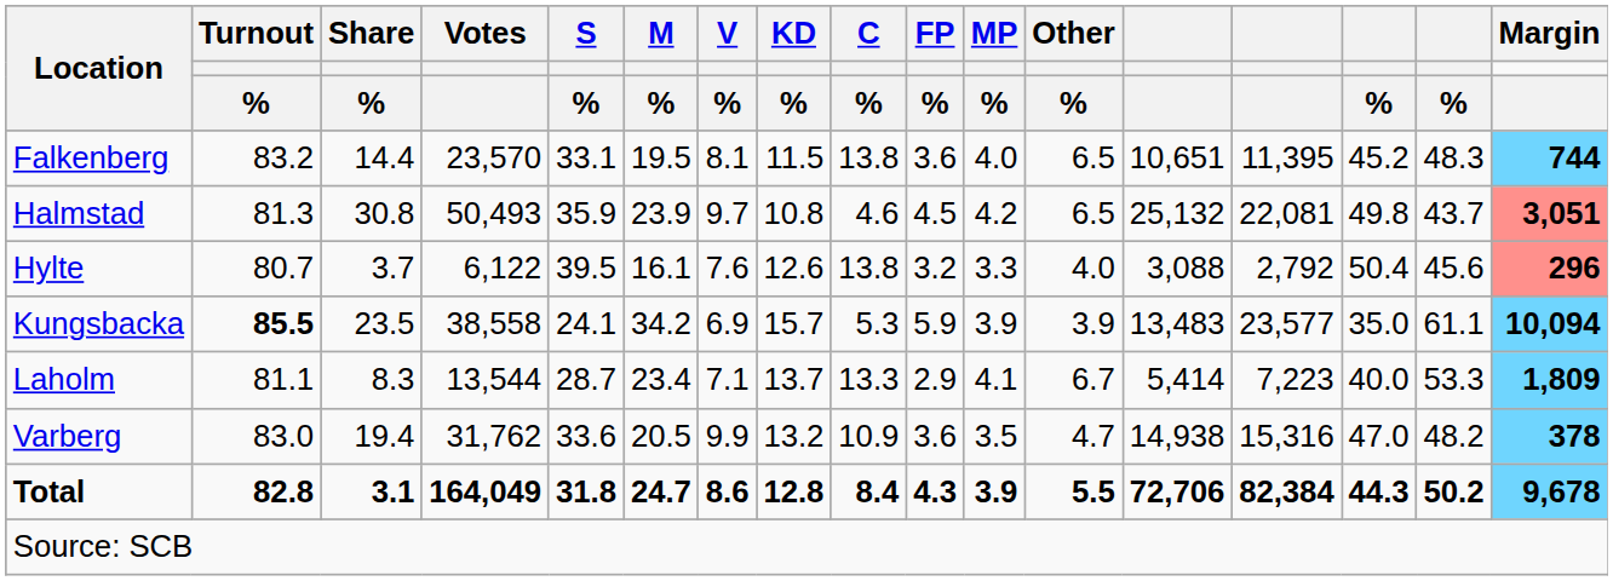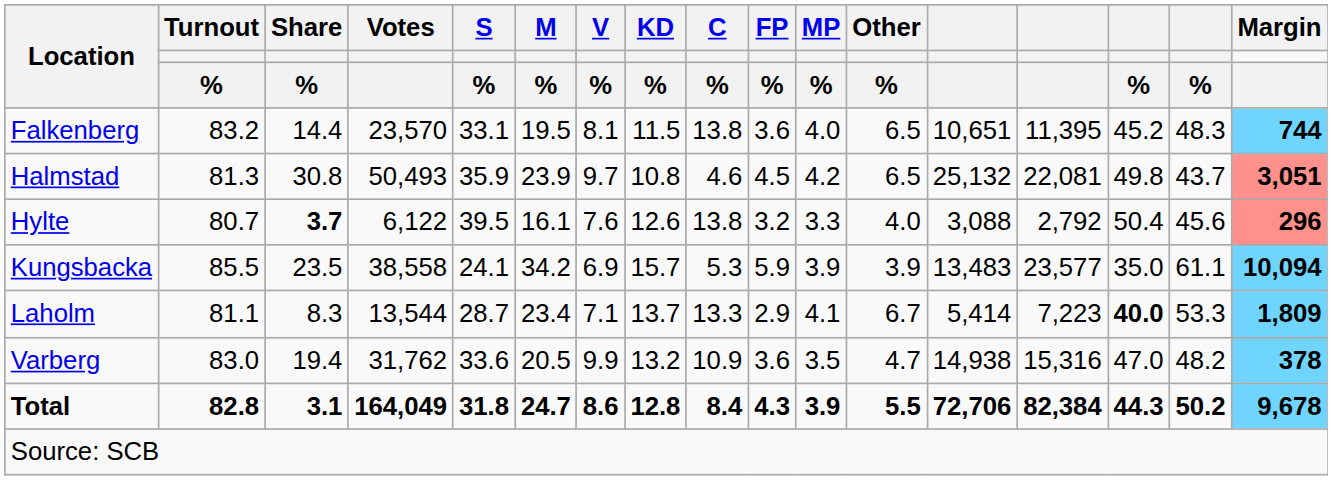 <table class="wikitable sortable" style="text-align:right; font-size:95%; line-height:20px;">
 <tr>
 <th rowspan="3">Location</th>
 <th>Turnout</th>
 <th>Share</th>
 <th>Votes</th>
 <th width="30px" class="unsortable"><a href='#'>S</a></th>
 <th width="30px" class="unsortable"><a href='#'>M</a></th>
 <th width="30px" class="unsortable"><a href='#'>V</a></th>
 <th width="30px" class="unsortable"><a href='#'>KD</a></th>
 <th width="30px" class="unsortable"><a href='#'>C</a></th>
 <th width="30px" class="unsortable"><a href='#'>FP</a></th>
 <th width="30px" class="unsortable"><a href='#'>MP</a></th>
 <th width="30px" class="unsortable">Other</th>
 <th></th>
 <th></th>
 <th></th>
 <th></th>
 <th>Margin</th>
 </tr>
 <tr>
 <th></th>
 <th></th>
 <th></th>
 <th style="background:"></th>
 <th style="background:"></th>
 <th style="background:"></th>
 <th style="background:"></th>
 <th style="background:"></th>
 <th style="background:"></th>
 <th style="background:"></th>
 <th style="background:"></th>
 <th style="background:"></th>
 <th style="background:"></th>
 <th style="background:"></th>
 <th style="background:"></th>
 </tr>
 <tr>
 <th data-sort-type="number">%</th>
 <th data-sort-type="number">%</th>
 <th></th>
 <th data-sort-type="number">%</th>
 <th data-sort-type="number">%</th>
 <th data-sort-type="number">%</th>
 <th data-sort-type="number">%</th>
 <th data-sort-type="number">%</th>
 <th data-sort-type="number">%</th>
 <th data-sort-type="number">%</th>
 <th data-sort-type="number">%</th>
 <th data-sort-type="number"></th>
 <th data-sort-type="number"></th>
 <th data-sort-type="number">%</th>
 <th data-sort-type="number">%</th>
 <th data-sort-type="number"></th>
 </tr>
 <tr>
 <td align=left><a href='#'>Falkenberg</a></td>
 <td>83.2</td>
 <td>14.4</td>
 <td>23,570</td>
 <td>33.1</td>
 <td>19.5</td>
 <td>8.1</td>
 <td>11.5</td>
 <td>13.8</td>
 <td>3.6</td>
 <td>4.0</td>
 <td>6.5</td>
 <td>10,651</td>
 <td>11,395</td>
 <td>45.2</td>
 <td>48.3</td>
 <td bgcolor=#6fd5fe><strong>744</strong></td>
 </tr>
 <tr>
 <td align=left><a href='#'>Halmstad</a></td>
 <td>81.3</td>
 <td>30.8</td>
 <td>50,493</td>
 <td>35.9</td>
 <td>23.9</td>
 <td>9.7</td>
 <td>10.8</td>
 <td>4.6</td>
 <td>4.5</td>
 <td>4.2</td>
 <td>6.5</td>
 <td>25,132</td>
 <td>22,081</td>
 <td>49.8</td>
 <td>43.7</td>
 <td bgcolor=#ff908c><strong>3,051</strong></td>
 </tr>
 <tr>
 <td align=left><a href='#'>Hylte</a></td>
 <td>80.7</td>
-<td>3.7</td>
+<td><strong>3.7</strong></td>
 <td>6,122</td>
 <td>39.5</td>
 <td>16.1</td>
 <td>7.6</td>
 <td>12.6</td>
 <td>13.8</td>
 <td>3.2</td>
 <td>3.3</td>
 <td>4.0</td>
 <td>3,088</td>
 <td>2,792</td>
 <td>50.4</td>
 <td>45.6</td>
 <td bgcolor=#ff908c><strong>296</strong></td>
 </tr>
 <tr>
 <td align=left><a href='#'>Kungsbacka</a></td>
-<td><strong>85.5</strong></td>
+<td>85.5</td>
 <td>23.5</td>
 <td>38,558</td>
 <td>24.1</td>
 <td>34.2</td>
 <td>6.9</td>
 <td>15.7</td>
 <td>5.3</td>
 <td>5.9</td>
 <td>3.9</td>
 <td>3.9</td>
 <td>13,483</td>
 <td>23,577</td>
 <td>35.0</td>
 <td>61.1</td>
 <td bgcolor=#6fd5fe><strong>10,094</strong></td>
 </tr>
 <tr>
 <td align=left><a href='#'>Laholm</a></td>
 <td>81.1</td>
 <td>8.3</td>
 <td>13,544</td>
 <td>28.7</td>
 <td>23.4</td>
 <td>7.1</td>
 <td>13.7</td>
 <td>13.3</td>
 <td>2.9</td>
 <td>4.1</td>
 <td>6.7</td>
 <td>5,414</td>
 <td>7,223</td>
-<td>40.0</td>
+<td><strong>40.0</strong></td>
 <td>53.3</td>
 <td bgcolor=#6fd5fe><strong>1,809</strong></td>
 </tr>
 <tr>
 <td align=left><a href='#'>Varberg</a></td>
 <td>83.0</td>
 <td>19.4</td>
 <td>31,762</td>
 <td>33.6</td>
 <td>20.5</td>
 <td>9.9</td>
 <td>13.2</td>
 <td>10.9</td>
 <td>3.6</td>
 <td>3.5</td>
 <td>4.7</td>
 <td>14,938</td>
 <td>15,316</td>
 <td>47.0</td>
 <td>48.2</td>
 <td bgcolor=#6fd5fe><strong>378</strong></td>
 </tr>
 <tr>
 <td align=left><strong>Total</strong></td>
 <td><strong>82.8</strong></td>
 <td><strong>3.1</strong></td>
 <td><strong>164,049</strong></td>
 <td><strong>31.8</strong></td>
 <td><strong>24.7</strong></td>
 <td><strong>8.6</strong></td>
 <td><strong>12.8</strong></td>
 <td><strong>8.4</strong></td>
 <td><strong>4.3</strong></td>
 <td><strong>3.9</strong></td>
 <td><strong>5.5</strong></td>
 <td><strong>72,706</strong></td>
 <td><strong>82,384</strong></td>
 <td><strong>44.3</strong></td>
 <td><strong>50.2</strong></td>
 <td bgcolor=#6fd5fe><strong>9,678</strong></td>
 </tr>
 <tr>
 <td align=left colspan=17>Source: SCB </td>
 </tr>
 </table>
